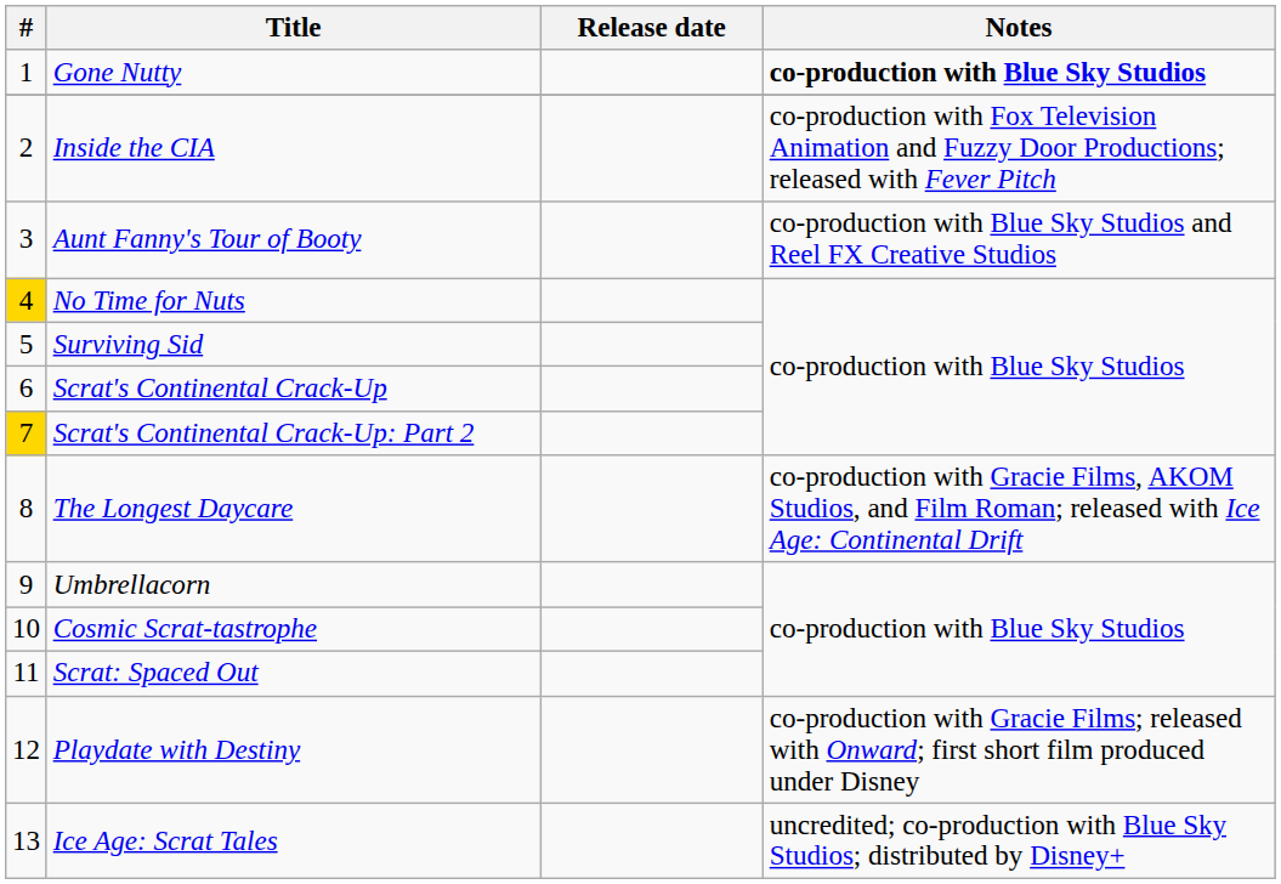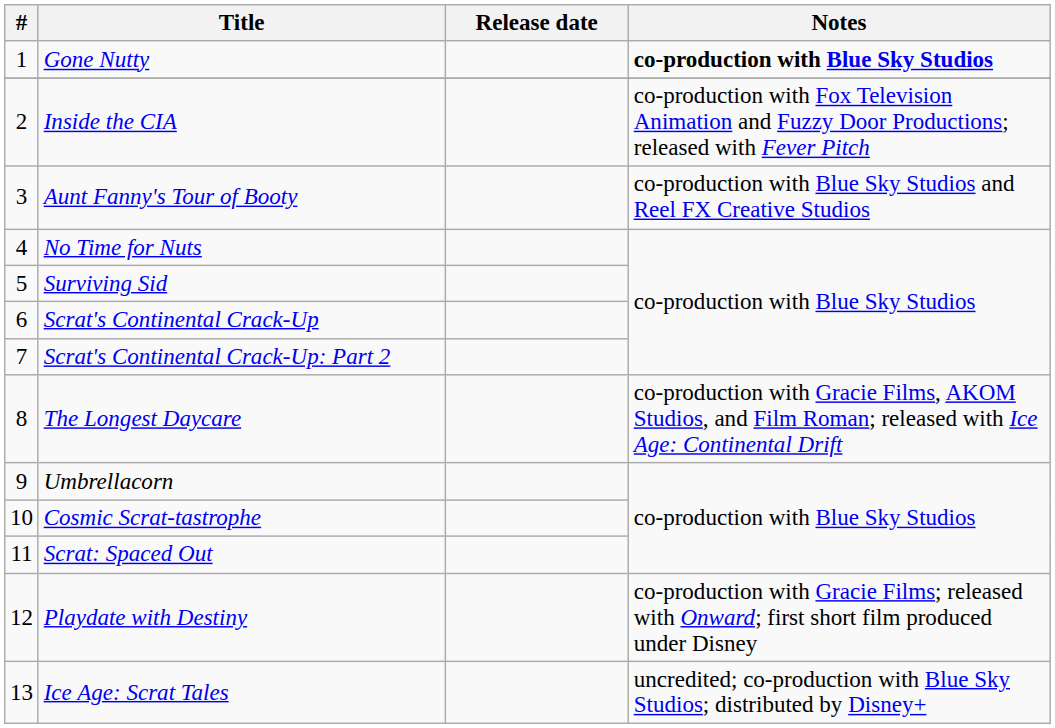 <table class="wikitable sortable">
 <tr>
 <th width=10>#</th>
 <th ! width=275>Title</th>
 <th ! width=120>Release date</th>
 <th ! width=285>Notes</th>
 </tr>
 <tr>
 <td style="text-align:center;">1</td>
 <td><em><a href='#'>Gone Nutty</a></em></td>
 <td style="text-align:center;"></td>
 <td><strong>co-production with <a href='#'>Blue Sky Studios</a></strong></td>
 </tr>
 <tr>
 </tr>
 <tr>
 <td style="text-align:center;">2</td>
 <td><em><a href='#'>Inside the CIA</a></em></td>
 <td style="text-align:center;"></td>
 <td>co-production with <a href='#'>Fox Television Animation</a> and <a href='#'>Fuzzy Door Productions</a>; released with <em><a href='#'>Fever Pitch</a></em></td>
 </tr>
 <tr>
 <td style="text-align:center;">3</td>
 <td><em><a href='#'>Aunt Fanny's Tour of Booty</a></em></td>
 <td style="text-align:center;"></td>
 <td>co-production with <a href='#'>Blue Sky Studios</a> and <a href='#'>Reel FX Creative Studios</a></td>
 </tr>
 <tr>
-<td style="background: gold; text-align:center;">4</td>
+<td style="text-align:center;">4</td>
 <td><em><a href='#'>No Time for Nuts</a></em></td>
 <td style="text-align:center;"></td>
 <td rowspan="4">co-production with <a href='#'>Blue Sky Studios</a></td>
 </tr>
 <tr>
 <td style="text-align:center;">5</td>
 <td><em><a href='#'>Surviving Sid</a></em></td>
 <td style="text-align:center;"></td>
 </tr>
 <tr>
 <td style="text-align:center;">6</td>
 <td><em><a href='#'>Scrat's Continental Crack-Up</a></em></td>
 <td style="text-align:center;"></td>
 </tr>
 <tr>
-<td style="background: gold; text-align:center;">7</td>
+<td style="text-align:center;">7</td>
 <td><em><a href='#'>Scrat's Continental Crack-Up: Part 2</a></em></td>
 <td style="text-align:center;"></td>
 </tr>
 <tr>
 <td style="text-align:center;">8</td>
 <td><em><a href='#'>The Longest Daycare</a></em></td>
 <td style="text-align:center;"></td>
 <td>co-production with <a href='#'>Gracie Films</a>, <a href='#'>AKOM Studios</a>, and <a href='#'>Film Roman</a>; released with <em><a href='#'>Ice Age: Continental Drift</a></em></td>
 </tr>
 <tr>
 <td style="text-align:center;">9</td>
 <td><em>Umbrellacorn</em></td>
 <td style="text-align:center;"></td>
 <td rowspan="3">co-production with <a href='#'>Blue Sky Studios</a></td>
 </tr>
 <tr>
 <td style="text-align:center;">10</td>
 <td><em><a href='#'>Cosmic Scrat-tastrophe</a></em></td>
 <td style="text-align:center;"></td>
 </tr>
 <tr>
 <td style="text-align:center;">11</td>
 <td><em><a href='#'>Scrat: Spaced Out</a></em></td>
 <td style="text-align:center;"></td>
 </tr>
 <tr>
 <td style="text-align:center;">12</td>
 <td><em><a href='#'>Playdate with Destiny</a></em></td>
 <td style="text-align:center;"></td>
 <td>co-production with <a href='#'>Gracie Films</a>; released with <em><a href='#'>Onward</a></em>; first short film produced under Disney</td>
 </tr>
 <tr>
 <td style="text-align:center;">13</td>
 <td><em><a href='#'>Ice Age: Scrat Tales</a></em></td>
 <td style="text-align:center;"></td>
 <td>uncredited; co-production with <a href='#'>Blue Sky Studios</a>; distributed by <a href='#'>Disney+</a></td>
 </tr>
 </table>
